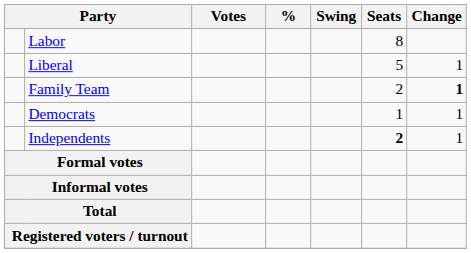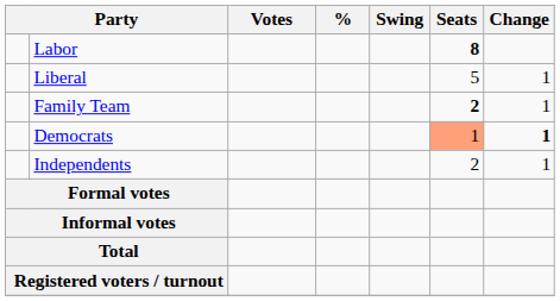 <table class="wikitable" style="text-align:right; margin-bottom:0">
 <tr>
 <th style="width:10px;" colspan=3>Party</th>
 <th style="width:70px;">Votes</th>
 <th style="width:40px;">%</th>
 <th style="width:40px;">Swing</th>
 <th style="width:40px;">Seats</th>
 <th style="width:40px;">Change</th>
 </tr>
 <tr>
 <td> </td>
 <td style="text-align:left;" colspan="2"><a href='#'>Labor</a></td>
 <td style="width:70px;"></td>
 <td style="width:40px;"></td>
 <td style="width:45px;"></td>
-<td style="width:40px;">8</td>
+<td style="width:40px;"><strong>8</strong></td>
 <td style="width:55px;"></td>
 </tr>
 <tr>
 <td> </td>
 <td style="text-align:left;" colspan="2"><a href='#'>Liberal</a></td>
 <td style="width:70px;"></td>
 <td style="width:40px;"></td>
 <td style="width:45px;"></td>
 <td style="width:40px;">5</td>
 <td style="width:55px;"> 1</td>
 </tr>
 <tr>
 <td> </td>
 <td style="text-align:left;" colspan="2"><a href='#'>Family Team</a></td>
 <td></td>
 <td></td>
 <td></td>
-<td>2</td>
-<td><strong> 1</strong></td>
+<td><strong>2</strong></td>
+<td> 1</td>
 </tr>
 <tr>
 <td> </td>
 <td style="text-align:left;" colspan="2"><a href='#'>Democrats</a></td>
 <td></td>
 <td></td>
 <td></td>
-<td>1</td>
-<td> 1</td>
+<td style="background: lightsalmon;">1</td>
+<td><strong> 1</strong></td>
 </tr>
 <tr>
 <td> </td>
 <td style="text-align:left;" colspan="2"><a href='#'>Independents</a></td>
 <td></td>
 <td></td>
 <td></td>
-<td><strong>2</strong></td>
+<td>2</td>
 <td> 1</td>
 </tr>
 <tr>
 <th colspan="3"> Formal votes</th>
 <td></td>
 <td></td>
 <td></td>
 <td></td>
 <td></td>
 </tr>
 <tr>
 <th colspan="3"> Informal votes</th>
 <td></td>
 <td></td>
 <td></td>
 <td></td>
 <td></td>
 </tr>
 <tr>
 <th colspan="3"> Total</th>
 <td></td>
 <td></td>
 <td></td>
 <td></td>
 <td></td>
 </tr>
 <tr>
 <th colspan="3"> Registered voters / turnout</th>
 <td></td>
 <td></td>
 <td></td>
 <td></td>
 <td></td>
 </tr>
 <tr>
 </tr>
 </table>
